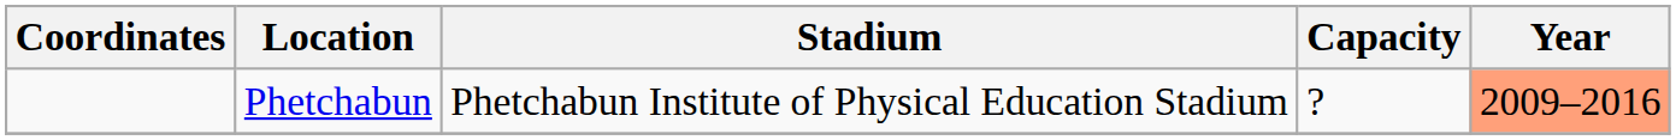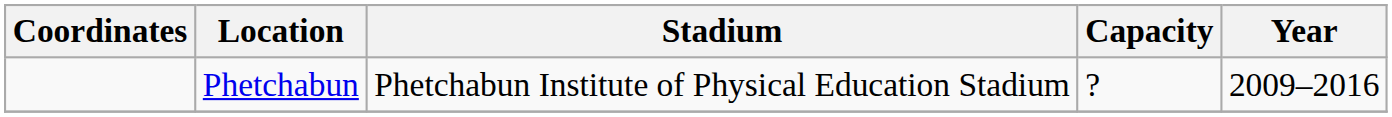 <table class="wikitable sortable">
 <tr>
 <th>Coordinates</th>
 <th>Location</th>
 <th>Stadium</th>
 <th>Capacity</th>
 <th>Year</th>
 </tr>
 <tr>
 <td></td>
 <td><a href='#'>Phetchabun</a></td>
 <td>Phetchabun Institute of Physical Education Stadium</td>
 <td>?</td>
-<td style="background: lightsalmon;">2009–2016</td>
+<td>2009–2016</td>
 </tr>
 <tr>
 </tr>
 </table>
